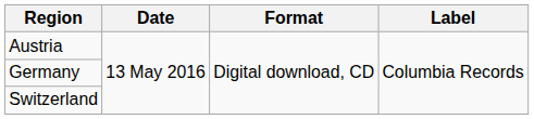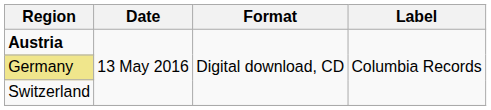 <table class="wikitable">
 <tr>
 <th scope="col">Region</th>
 <th scope="col">Date</th>
 <th scope="col">Format</th>
 <th scope="col">Label</th>
 </tr>
 <tr>
-<td>Austria</td>
+<td><strong>Austria</strong></td>
 <td rowspan="3">13 May 2016</td>
 <td rowspan="3">Digital download, CD</td>
 <td rowspan="3">Columbia Records</td>
 </tr>
 <tr>
-<td>Germany</td>
+<td style="background: khaki;">Germany</td>
 </tr>
 <tr>
 <td>Switzerland</td>
 </tr>
 <tr>
 </tr>
 </table>
